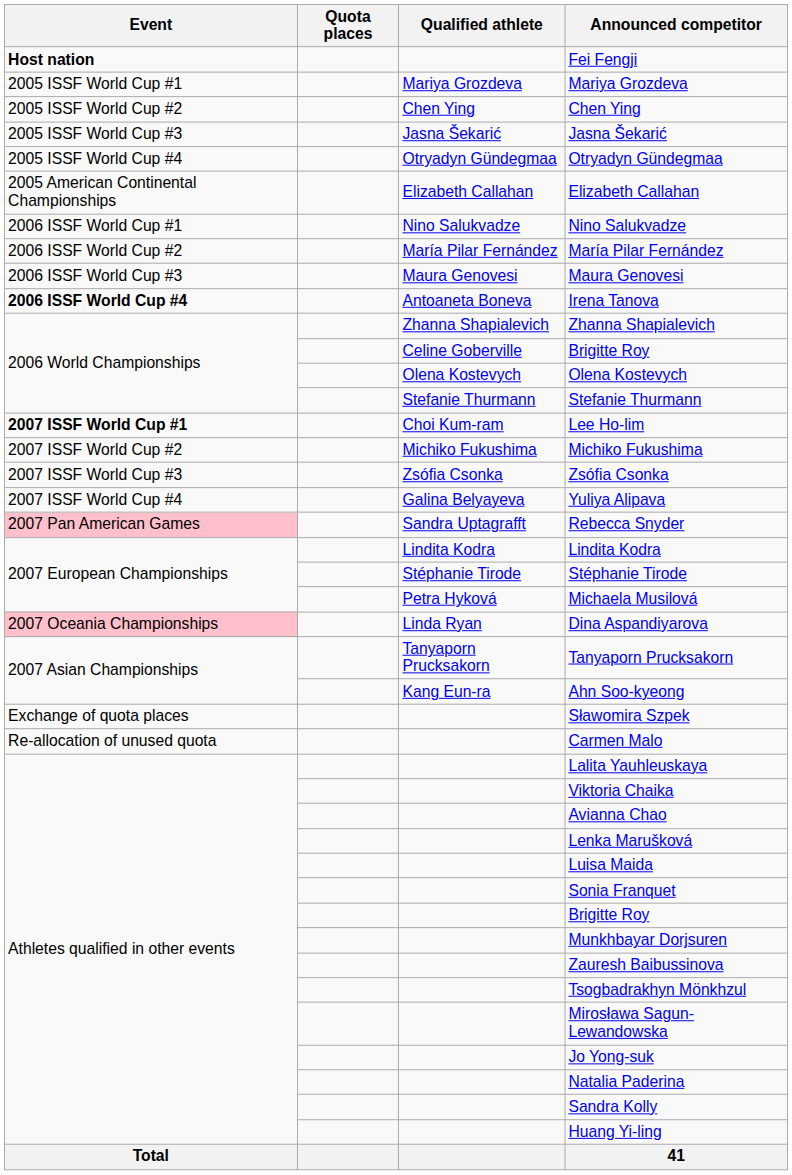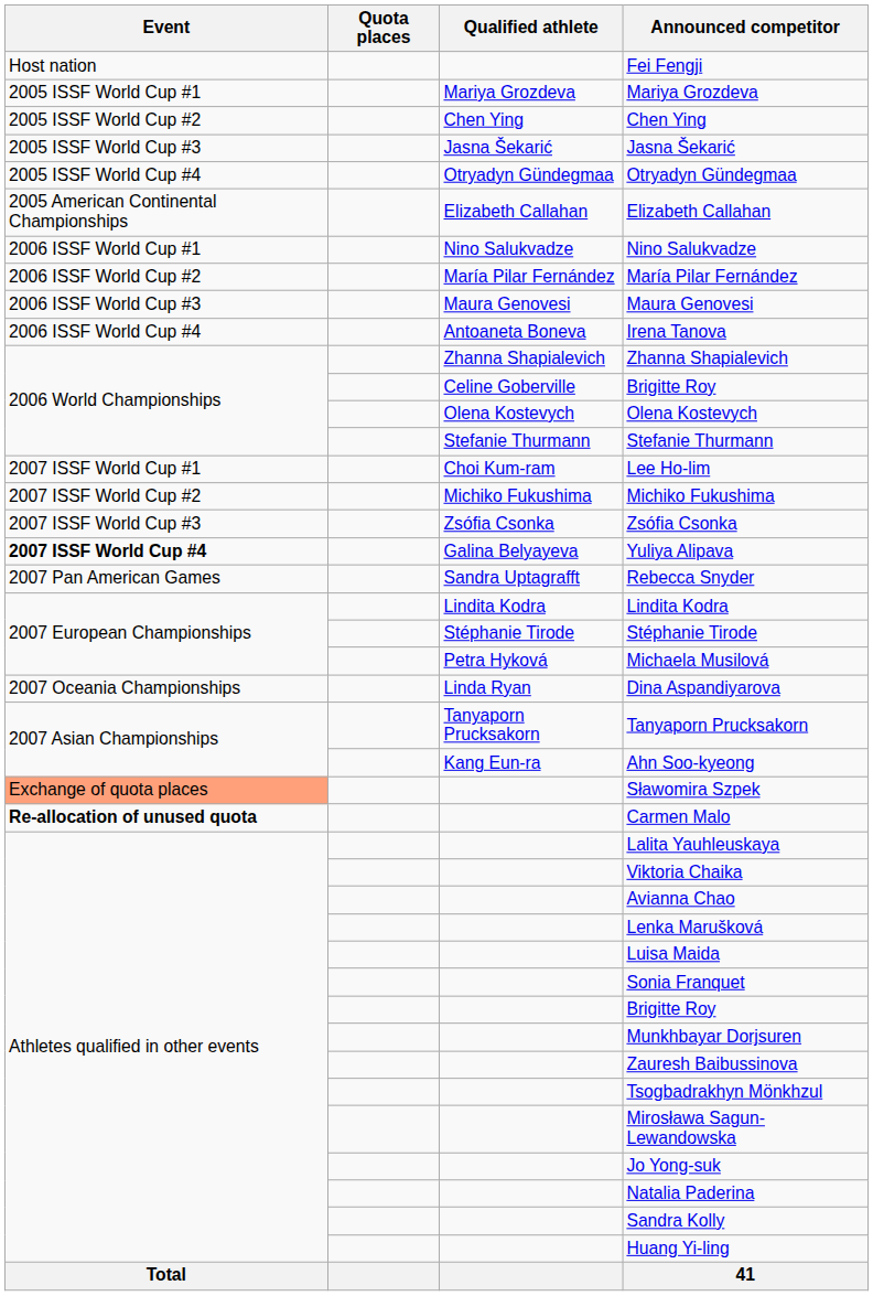 <table class=wikitable style="text-align:left" width=800>
 <tr>
 <th>Event</th>
 <th>Quota places</th>
 <th>Qualified athlete</th>
 <th>Announced competitor</th>
 </tr>
 <tr>
-<td><strong>Host nation</strong></td>
+<td>Host nation</td>
 <td></td>
 <td></td>
 <td><a href='#'>Fei Fengji</a></td>
 </tr>
 <tr>
 <td>2005 ISSF World Cup #1</td>
 <td></td>
 <td><a href='#'>Mariya Grozdeva</a></td>
 <td><a href='#'>Mariya Grozdeva</a></td>
 </tr>
 <tr>
 <td>2005 ISSF World Cup #2</td>
 <td></td>
 <td><a href='#'>Chen Ying</a></td>
 <td><a href='#'>Chen Ying</a></td>
 </tr>
 <tr>
 <td>2005 ISSF World Cup #3</td>
 <td></td>
 <td><a href='#'>Jasna Šekarić</a></td>
 <td><a href='#'>Jasna Šekarić</a></td>
 </tr>
 <tr>
 <td>2005 ISSF World Cup #4</td>
 <td></td>
 <td><a href='#'>Otryadyn Gündegmaa</a></td>
 <td><a href='#'>Otryadyn Gündegmaa</a></td>
 </tr>
 <tr>
 <td>2005 American Continental Championships</td>
 <td></td>
 <td><a href='#'>Elizabeth Callahan</a></td>
 <td><a href='#'>Elizabeth Callahan</a></td>
 </tr>
 <tr>
 <td>2006 ISSF World Cup #1</td>
 <td></td>
 <td><a href='#'>Nino Salukvadze</a></td>
 <td><a href='#'>Nino Salukvadze</a></td>
 </tr>
 <tr>
 <td>2006 ISSF World Cup #2</td>
 <td></td>
 <td><a href='#'>María Pilar Fernández</a></td>
 <td><a href='#'>María Pilar Fernández</a></td>
 </tr>
 <tr>
 <td>2006 ISSF World Cup #3</td>
 <td></td>
 <td><a href='#'>Maura Genovesi</a></td>
 <td><a href='#'>Maura Genovesi</a></td>
 </tr>
 <tr>
-<td><strong>2006 ISSF World Cup #4</strong></td>
+<td>2006 ISSF World Cup #4</td>
 <td></td>
 <td><a href='#'>Antoaneta Boneva</a></td>
 <td><a href='#'>Irena Tanova</a></td>
 </tr>
 <tr>
 <td rowspan="4">2006 World Championships</td>
 <td></td>
 <td><a href='#'>Zhanna Shapialevich</a></td>
 <td><a href='#'>Zhanna Shapialevich</a></td>
 </tr>
 <tr>
 <td></td>
 <td><a href='#'>Celine Goberville</a></td>
 <td><a href='#'>Brigitte Roy</a></td>
 </tr>
 <tr>
 <td></td>
 <td><a href='#'>Olena Kostevych</a></td>
 <td><a href='#'>Olena Kostevych</a></td>
 </tr>
 <tr>
 <td></td>
 <td><a href='#'>Stefanie Thurmann</a></td>
 <td><a href='#'>Stefanie Thurmann</a></td>
 </tr>
 <tr>
-<td><strong>2007 ISSF World Cup #1</strong></td>
+<td>2007 ISSF World Cup #1</td>
 <td></td>
 <td><a href='#'>Choi Kum-ram</a></td>
 <td><a href='#'>Lee Ho-lim</a></td>
 </tr>
 <tr>
 <td>2007 ISSF World Cup #2</td>
 <td></td>
 <td><a href='#'>Michiko Fukushima</a></td>
 <td><a href='#'>Michiko Fukushima</a></td>
 </tr>
 <tr>
 <td>2007 ISSF World Cup #3</td>
 <td></td>
 <td><a href='#'>Zsófia Csonka</a></td>
 <td><a href='#'>Zsófia Csonka</a></td>
 </tr>
 <tr>
-<td>2007 ISSF World Cup #4</td>
+<td><strong>2007 ISSF World Cup #4</strong></td>
 <td></td>
 <td><a href='#'>Galina Belyayeva</a></td>
 <td><a href='#'>Yuliya Alipava</a></td>
 </tr>
 <tr>
-<td style="background: pink;">2007 Pan American Games</td>
+<td>2007 Pan American Games</td>
 <td></td>
 <td><a href='#'>Sandra Uptagrafft</a></td>
 <td><a href='#'>Rebecca Snyder</a></td>
 </tr>
 <tr>
 <td rowspan="3">2007 European Championships</td>
 <td></td>
 <td><a href='#'>Lindita Kodra</a></td>
 <td><a href='#'>Lindita Kodra</a></td>
 </tr>
 <tr>
 <td></td>
 <td><a href='#'>Stéphanie Tirode</a></td>
 <td><a href='#'>Stéphanie Tirode</a></td>
 </tr>
 <tr>
 <td></td>
 <td><a href='#'>Petra Hyková</a></td>
 <td><a href='#'>Michaela Musilová</a></td>
 </tr>
 <tr>
-<td style="background: pink;">2007 Oceania Championships</td>
+<td>2007 Oceania Championships</td>
 <td></td>
 <td><a href='#'>Linda Ryan</a></td>
 <td><a href='#'>Dina Aspandiyarova</a></td>
 </tr>
 <tr>
 <td rowspan="2">2007 Asian Championships</td>
 <td></td>
 <td><a href='#'>Tanyaporn Prucksakorn</a></td>
 <td><a href='#'>Tanyaporn Prucksakorn</a></td>
 </tr>
 <tr>
 <td></td>
 <td><a href='#'>Kang Eun-ra</a></td>
 <td><a href='#'>Ahn Soo-kyeong</a></td>
 </tr>
 <tr>
-<td>Exchange of quota places</td>
+<td style="background: lightsalmon;">Exchange of quota places</td>
 <td></td>
 <td></td>
 <td><a href='#'>Sławomira Szpek</a></td>
 </tr>
 <tr>
-<td>Re-allocation of unused quota</td>
+<td><strong>Re-allocation of unused quota</strong></td>
 <td></td>
 <td></td>
 <td><a href='#'>Carmen Malo</a></td>
 </tr>
 <tr>
 <td rowspan="15">Athletes qualified in other events</td>
 <td></td>
 <td></td>
 <td><a href='#'>Lalita Yauhleuskaya</a></td>
 </tr>
 <tr>
 <td></td>
 <td></td>
 <td><a href='#'>Viktoria Chaika</a></td>
 </tr>
 <tr>
 <td></td>
 <td></td>
 <td><a href='#'>Avianna Chao</a></td>
 </tr>
 <tr>
 <td></td>
 <td></td>
 <td><a href='#'>Lenka Marušková</a></td>
 </tr>
 <tr>
 <td></td>
 <td></td>
 <td><a href='#'>Luisa Maida</a></td>
 </tr>
 <tr>
 <td></td>
 <td></td>
 <td><a href='#'>Sonia Franquet</a></td>
 </tr>
 <tr>
 <td></td>
 <td></td>
 <td><a href='#'>Brigitte Roy</a></td>
 </tr>
 <tr>
 <td></td>
 <td></td>
 <td><a href='#'>Munkhbayar Dorjsuren</a></td>
 </tr>
 <tr>
 <td></td>
 <td></td>
 <td><a href='#'>Zauresh Baibussinova</a></td>
 </tr>
 <tr>
 <td></td>
 <td></td>
 <td><a href='#'>Tsogbadrakhyn Mönkhzul</a></td>
 </tr>
 <tr>
 <td></td>
 <td></td>
 <td><a href='#'>Mirosława Sagun-Lewandowska</a></td>
 </tr>
 <tr>
 <td></td>
 <td></td>
 <td><a href='#'>Jo Yong-suk</a></td>
 </tr>
 <tr>
 <td></td>
 <td></td>
 <td><a href='#'>Natalia Paderina</a></td>
 </tr>
 <tr>
 <td></td>
 <td></td>
 <td><a href='#'>Sandra Kolly</a></td>
 </tr>
 <tr>
 <td></td>
 <td></td>
 <td><a href='#'>Huang Yi-ling</a></td>
 </tr>
 <tr>
 <th>Total</th>
 <th></th>
 <th></th>
 <th>41</th>
 </tr>
 </table>
